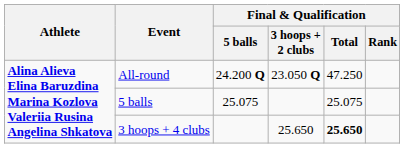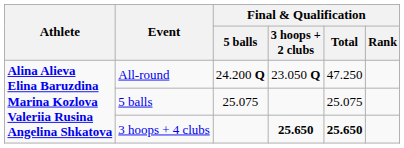 <table class="wikitable" style="text-align:center; font-size:90%">
 <tr>
 <th rowspan=2>Athlete</th>
 <th rowspan=2>Event</th>
 <th colspan=4>Final & Qualification</th>
 </tr>
 <tr style="font-size:95%">
 <th>5 balls</th>
 <th>3 hoops +<br>2 clubs</th>
 <th>Total</th>
 <th>Rank</th>
 </tr>
 <tr>
 <td rowspan=3 align=left><strong><a href='#'>Alina Alieva</a><br><a href='#'>Elina Baruzdina</a><br><a href='#'>Marina Kozlova</a><br><a href='#'>Valeriia Rusina</a><br><a href='#'>Angelina Shkatova</a></strong></td>
 <td align=left><a href='#'>All-round</a></td>
 <td>24.200 <strong>Q</strong></td>
 <td>23.050 <strong>Q</strong></td>
 <td>47.250</td>
 <td></td>
 </tr>
 <tr>
 <td align=left><a href='#'>5 balls</a></td>
 <td>25.075</td>
 <td></td>
 <td>25.075</td>
 <td></td>
 </tr>
 <tr>
 <td align=left><a href='#'>3 hoops + 4 clubs</a></td>
 <td></td>
-<td>25.650</td>
+<td><strong>25.650</strong></td>
 <td><strong>25.650</strong></td>
 <td></td>
 </tr>
 </table>
